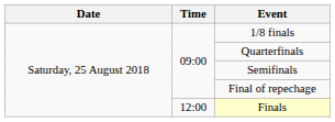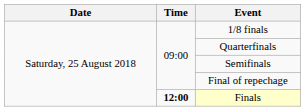 <table class = "wikitable" style="text-align:center;">
 <tr>
 <th width=220>Date</th>
 <th width=50>Time</th>
 <th width=150>Event</th>
 </tr>
 <tr>
 <td rowspan=5>Saturday, 25 August 2018</td>
 <td rowspan=4>09:00</td>
 <td>1/8 finals</td>
 </tr>
 <tr>
 <td>Quarterfinals</td>
 </tr>
 <tr>
 <td>Semifinals</td>
 </tr>
 <tr>
 <td>Final of repechage</td>
 </tr>
 <tr>
-<td>12:00</td>
+<td><strong>12:00</strong></td>
 <td bgcolor=ffffcc>Finals</td>
 </tr>
 </table>
